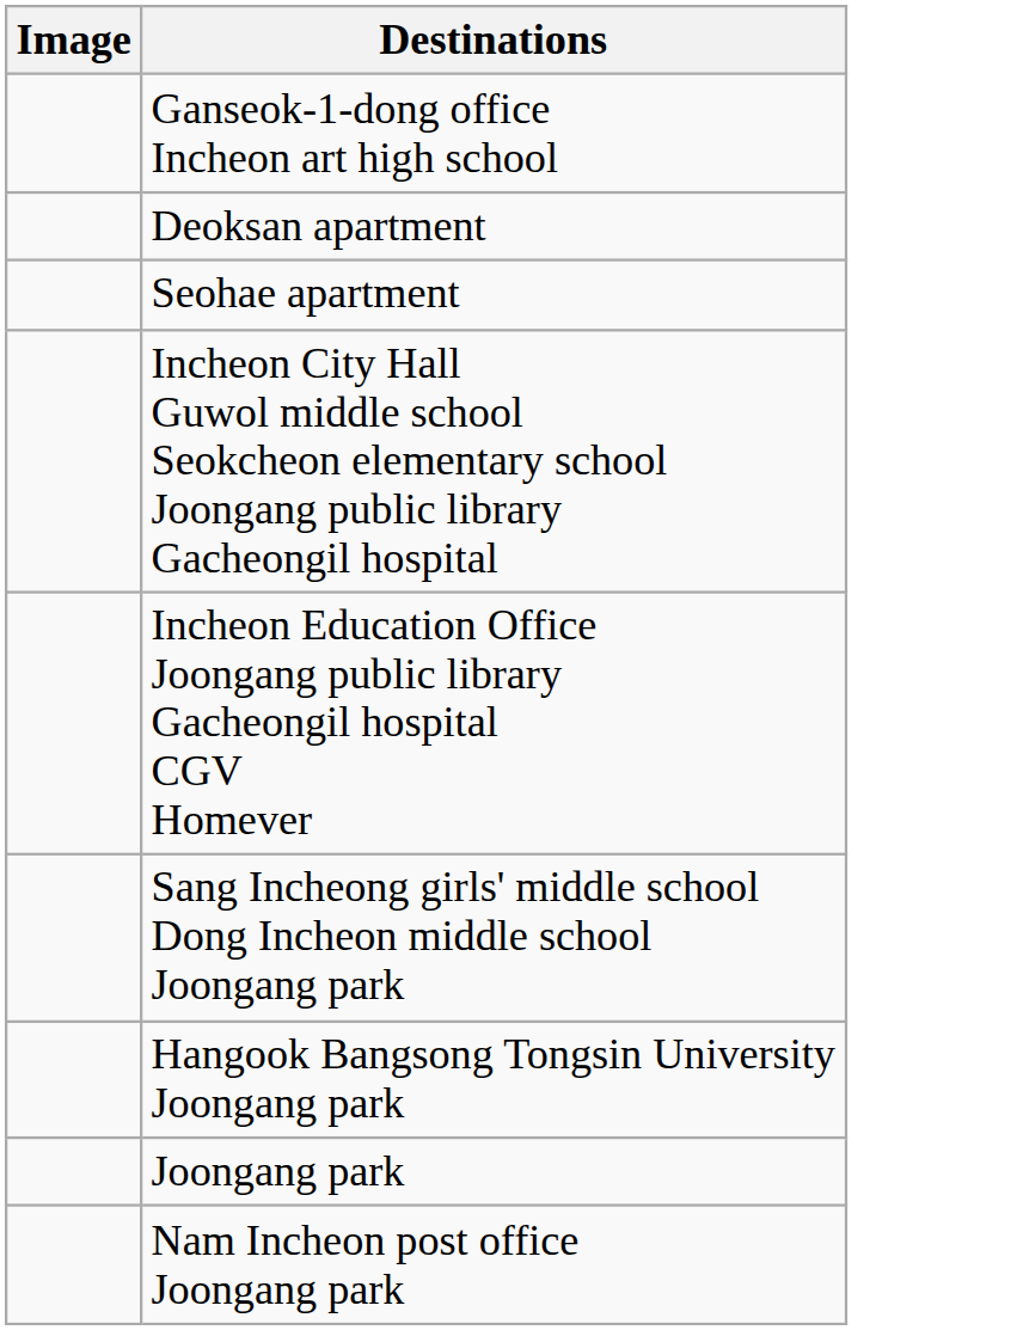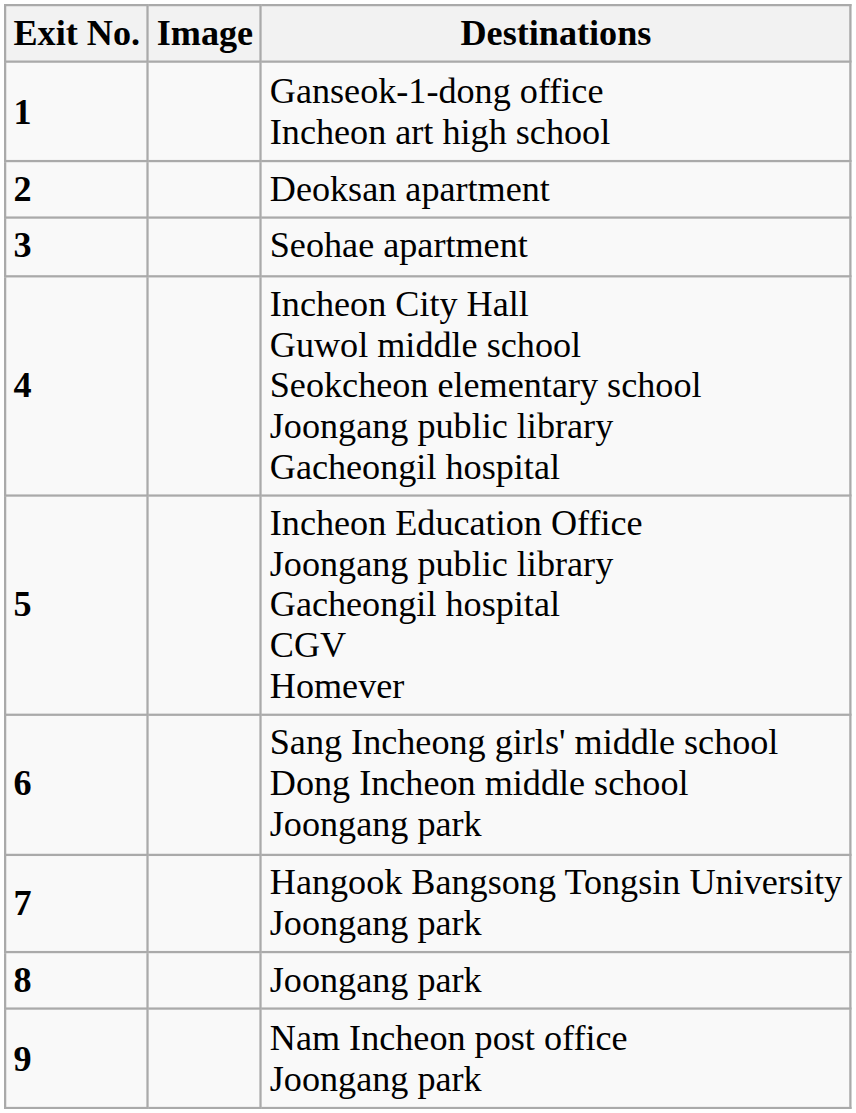 <table class="wikitable">
 <tr>
+<th>Exit No.</th>
 <th>Image</th>
 <th>Destinations</th>
 </tr>
 <tr>
+<td><div><span><strong>1</strong></span></div></td>
 <td></td>
 <td>Ganseok-1-dong office<br>Incheon art high school</td>
 </tr>
 <tr>
+<td><div><span><strong>2</strong></span></div></td>
 <td></td>
 <td>Deoksan apartment</td>
 </tr>
 <tr>
+<td><div><span><strong>3</strong></span></div></td>
 <td></td>
 <td>Seohae apartment</td>
 </tr>
 <tr>
+<td><div><span><strong>4</strong></span></div></td>
 <td></td>
 <td>Incheon City Hall<br>Guwol middle school<br>Seokcheon elementary school<br>Joongang public library<br>Gacheongil hospital</td>
 </tr>
 <tr>
+<td><div><span><strong>5</strong></span></div></td>
 <td></td>
 <td>Incheon Education Office<br>Joongang public library<br>Gacheongil hospital<br>CGV<br>Homever</td>
 </tr>
 <tr>
+<td><div><span><strong>6</strong></span></div></td>
 <td></td>
 <td>Sang Incheong girls' middle school<br>Dong Incheon middle school<br>Joongang park</td>
 </tr>
 <tr>
+<td><div><span><strong>7</strong></span></div></td>
 <td></td>
 <td>Hangook Bangsong Tongsin University<br>Joongang park</td>
 </tr>
 <tr>
+<td><div><span><strong>8</strong></span></div></td>
 <td></td>
 <td>Joongang park</td>
 </tr>
 <tr>
+<td><div><span><strong>9</strong></span></div></td>
 <td></td>
 <td>Nam Incheon post office<br>Joongang park</td>
 </tr>
 </table>
